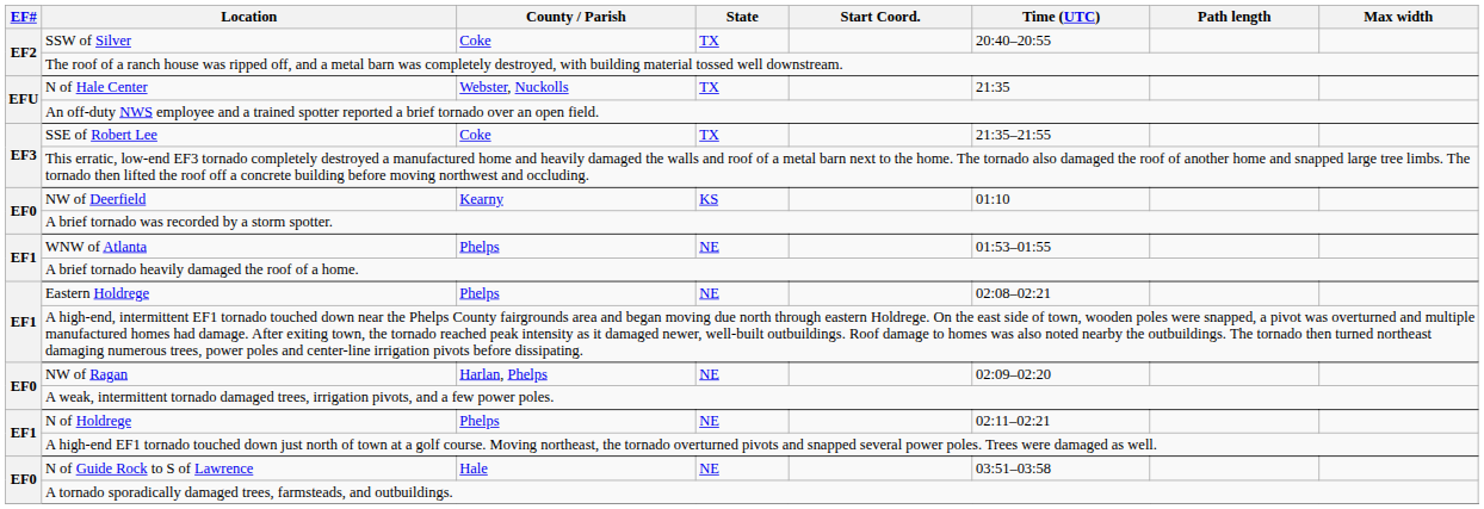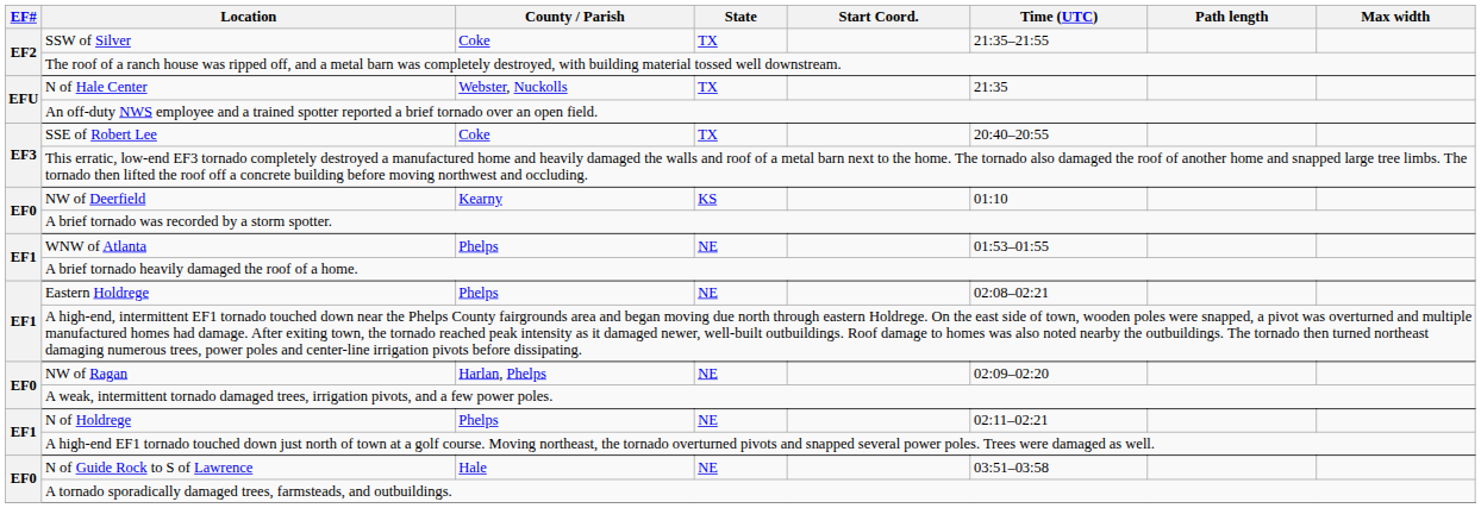 <table class="wikitable sortable" style="width:100%;">
 <tr>
 <th scope="col" width="2%" align="center"><a href='#'>EF#</a></th>
 <th scope="col" align="center" class="unsortable">Location</th>
 <th scope="col" align="center" class="unsortable">County / Parish</th>
 <th scope="col" align="center">State</th>
 <th scope="col" align="center">Start Coord.</th>
 <th scope="col" align="center">Time (<a href='#'>UTC</a>)</th>
 <th scope="col" align="center">Path length</th>
 <th scope="col" align="center">Max width</th>
 </tr>
 <tr>
 <th scope="row" rowspan="2" style="background-color:#">EF2</th>
 <td>SSW of <a href='#'>Silver</a></td>
 <td><a href='#'>Coke</a></td>
 <td><a href='#'>TX</a></td>
 <td></td>
-<td>20:40–20:55</td>
+<td>21:35–21:55</td>
 <td></td>
 <td></td>
 </tr>
 <tr class="expand-child">
 <td colspan="8" style=" border-bottom: 1px solid black;">The roof of a ranch house was ripped off, and a metal barn was completely destroyed, with building material tossed well downstream.</td>
 </tr>
 <tr>
 <th scope="row" rowspan="2" style="background-color:#">EFU</th>
 <td>N of <a href='#'>Hale Center</a></td>
 <td><a href='#'>Webster</a>, <a href='#'>Nuckolls</a></td>
 <td><a href='#'>TX</a></td>
 <td></td>
 <td>21:35</td>
 <td></td>
 <td></td>
 </tr>
 <tr class="expand-child">
 <td colspan="8" style=" border-bottom: 1px solid black;">An off-duty <a href='#'>NWS</a> employee and a trained spotter reported a brief tornado over an open field.</td>
 </tr>
 <tr>
 <th scope="row" rowspan="2" style="background-color:#">EF3</th>
 <td>SSE of <a href='#'>Robert Lee</a></td>
 <td><a href='#'>Coke</a></td>
 <td><a href='#'>TX</a></td>
 <td></td>
-<td>21:35–21:55</td>
+<td>20:40–20:55</td>
 <td></td>
 <td></td>
 </tr>
 <tr class="expand-child">
 <td colspan="8" style=" border-bottom: 1px solid black;">This erratic, low-end EF3 tornado completely destroyed a manufactured home and heavily damaged the walls and roof of a metal barn next to the home. The tornado also damaged the roof of another home and snapped large tree limbs. The tornado then lifted the roof off a concrete building before moving northwest and occluding.</td>
 </tr>
 <tr>
 <th scope="row" rowspan="2" style="background-color:#">EF0</th>
 <td>NW of <a href='#'>Deerfield</a></td>
 <td><a href='#'>Kearny</a></td>
 <td><a href='#'>KS</a></td>
 <td></td>
 <td>01:10</td>
 <td></td>
 <td></td>
 </tr>
 <tr class="expand-child">
 <td colspan="8" style=" border-bottom: 1px solid black;">A brief tornado was recorded by a storm spotter.</td>
 </tr>
 <tr>
 <th scope="row" rowspan="2" style="background-color:#">EF1</th>
 <td>WNW of <a href='#'>Atlanta</a></td>
 <td><a href='#'>Phelps</a></td>
 <td><a href='#'>NE</a></td>
 <td></td>
 <td>01:53–01:55</td>
 <td></td>
 <td></td>
 </tr>
 <tr class="expand-child">
 <td colspan="8" style=" border-bottom: 1px solid black;">A brief tornado heavily damaged the roof of a home.</td>
 </tr>
 <tr>
 <th scope="row" rowspan="2" style="background-color:#">EF1</th>
 <td>Eastern <a href='#'>Holdrege</a></td>
 <td><a href='#'>Phelps</a></td>
 <td><a href='#'>NE</a></td>
 <td></td>
 <td>02:08–02:21</td>
 <td></td>
 <td></td>
 </tr>
 <tr class="expand-child">
 <td colspan="8" style=" border-bottom: 1px solid black;">A high-end, intermittent EF1 tornado touched down near the Phelps County fairgrounds area and began moving due north through eastern Holdrege. On the east side of town, wooden poles were snapped, a pivot was overturned and multiple manufactured homes had damage. After exiting town, the tornado reached peak intensity as it damaged newer, well-built outbuildings. Roof damage to homes was also noted nearby the outbuildings. The tornado then turned northeast damaging numerous trees, power poles and center-line irrigation pivots before dissipating.</td>
 </tr>
 <tr>
 <th scope="row" rowspan="2" style="background-color:#">EF0</th>
 <td>NW of <a href='#'>Ragan</a></td>
 <td><a href='#'>Harlan</a>, <a href='#'>Phelps</a></td>
 <td><a href='#'>NE</a></td>
 <td></td>
 <td>02:09–02:20</td>
 <td></td>
 <td></td>
 </tr>
 <tr class="expand-child">
 <td colspan="8" style=" border-bottom: 1px solid black;">A weak, intermittent tornado damaged trees, irrigation pivots, and a few power poles.</td>
 </tr>
 <tr>
 <th scope="row" rowspan="2" style="background-color:#">EF1</th>
 <td>N of <a href='#'>Holdrege</a></td>
 <td><a href='#'>Phelps</a></td>
 <td><a href='#'>NE</a></td>
 <td></td>
 <td>02:11–02:21</td>
 <td></td>
 <td></td>
 </tr>
 <tr class="expand-child">
 <td colspan="8" style=" border-bottom: 1px solid black;">A high-end EF1 tornado touched down just north of town at a golf course. Moving northeast, the tornado overturned pivots and snapped several power poles. Trees were damaged as well.</td>
 </tr>
 <tr>
 <th scope="row" rowspan="2" style="background-color:#">EF0</th>
 <td>N of <a href='#'>Guide Rock</a> to S of <a href='#'>Lawrence</a></td>
 <td><a href='#'>Hale</a></td>
 <td><a href='#'>NE</a></td>
 <td></td>
 <td>03:51–03:58</td>
 <td></td>
 <td></td>
 </tr>
 <tr class="expand-child">
 <td colspan="8" style=" border-bottom: 1px solid black;">A tornado sporadically damaged trees, farmsteads, and outbuildings.</td>
 </tr>
 <tr>
 </tr>
 </table>
